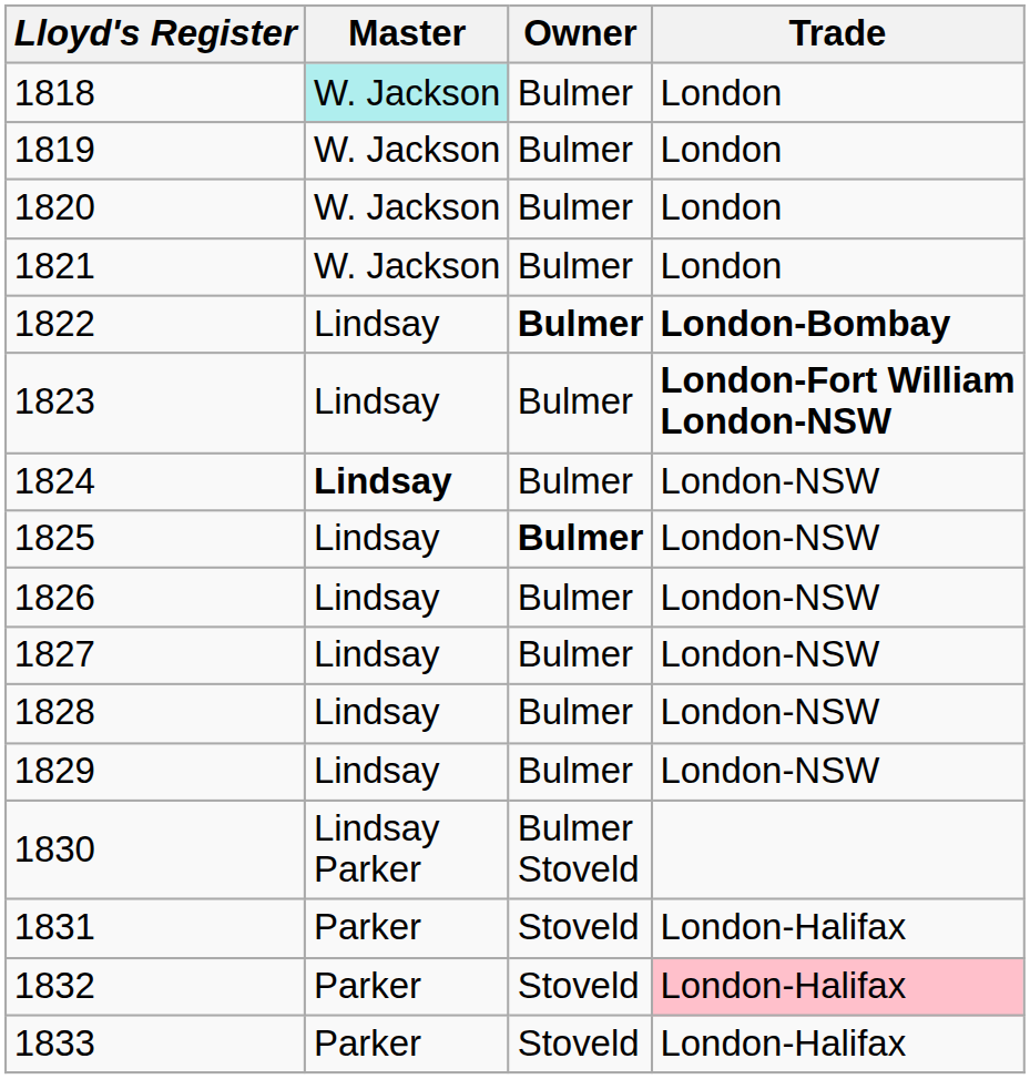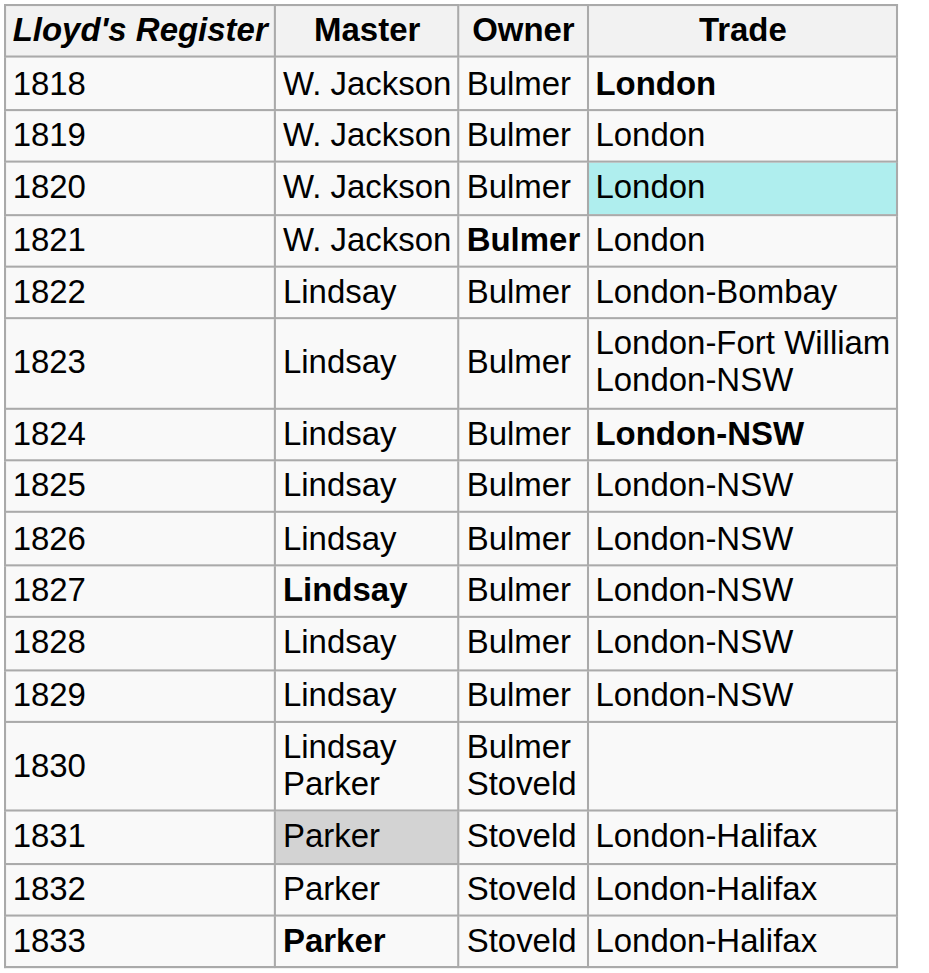 <table class="wikitable sortable" border="1">
 <tr>
 <th><em>Lloyd's Register</em></th>
 <th>Master</th>
 <th>Owner</th>
 <th>Trade</th>
 </tr>
 <tr>
 <td>1818</td>
-<td style="background: paleturquoise;">W. Jackson</td>
+<td>W. Jackson</td>
 <td>Bulmer</td>
-<td>London</td>
+<td><strong>London</strong></td>
 </tr>
 <tr>
 <td>1819</td>
 <td>W. Jackson</td>
 <td>Bulmer</td>
 <td>London</td>
 </tr>
 <tr>
 <td>1820</td>
 <td>W. Jackson</td>
 <td>Bulmer</td>
-<td>London</td>
+<td style="background: paleturquoise;">London</td>
 </tr>
 <tr>
 <td>1821</td>
 <td>W. Jackson</td>
-<td>Bulmer</td>
+<td><strong>Bulmer</strong></td>
 <td>London</td>
 </tr>
 <tr>
 <td>1822</td>
 <td>Lindsay</td>
-<td><strong>Bulmer</strong></td>
-<td><strong>London-Bombay</strong></td>
+<td>Bulmer</td>
+<td>London-Bombay</td>
 </tr>
 <tr>
 <td>1823</td>
 <td>Lindsay</td>
 <td>Bulmer</td>
-<td><strong>London-Fort William<br>London-NSW</strong></td>
+<td>London-Fort William<br>London-NSW</td>
 </tr>
 <tr>
 <td>1824</td>
-<td><strong>Lindsay</strong></td>
+<td>Lindsay</td>
 <td>Bulmer</td>
-<td>London-NSW</td>
+<td><strong>London-NSW</strong></td>
 </tr>
 <tr>
 <td>1825</td>
 <td>Lindsay</td>
-<td><strong>Bulmer</strong></td>
+<td>Bulmer</td>
 <td>London-NSW</td>
 </tr>
 <tr>
 <td>1826</td>
 <td>Lindsay</td>
 <td>Bulmer</td>
 <td>London-NSW</td>
 </tr>
 <tr>
 <td>1827</td>
-<td>Lindsay</td>
+<td><strong>Lindsay</strong></td>
 <td>Bulmer</td>
 <td>London-NSW</td>
 </tr>
 <tr>
 <td>1828</td>
 <td>Lindsay</td>
 <td>Bulmer</td>
 <td>London-NSW</td>
 </tr>
 <tr>
 <td>1829</td>
 <td>Lindsay</td>
 <td>Bulmer</td>
 <td>London-NSW</td>
 </tr>
 <tr>
 <td>1830</td>
 <td>Lindsay<br> Parker</td>
 <td>Bulmer<br> Stoveld</td>
 <td></td>
 </tr>
 <tr>
 <td>1831</td>
-<td>Parker</td>
+<td style="background: lightgrey;">Parker</td>
 <td>Stoveld</td>
 <td>London-Halifax</td>
 </tr>
 <tr>
 <td>1832</td>
 <td>Parker</td>
 <td>Stoveld</td>
-<td style="background: pink;">London-Halifax</td>
+<td>London-Halifax</td>
 </tr>
 <tr>
 <td>1833</td>
-<td>Parker</td>
+<td><strong>Parker</strong></td>
 <td>Stoveld</td>
 <td>London-Halifax</td>
 </tr>
 <tr>
 </tr>
 </table>
